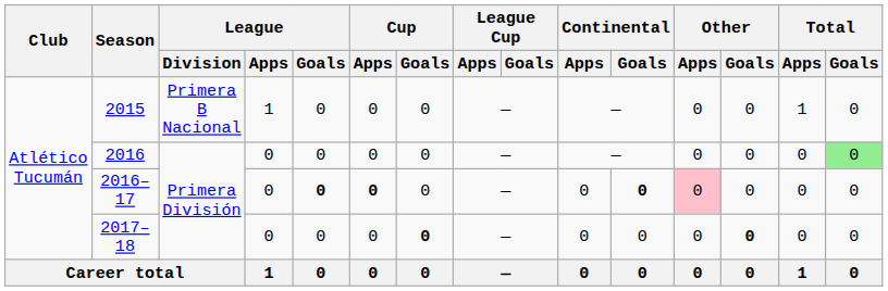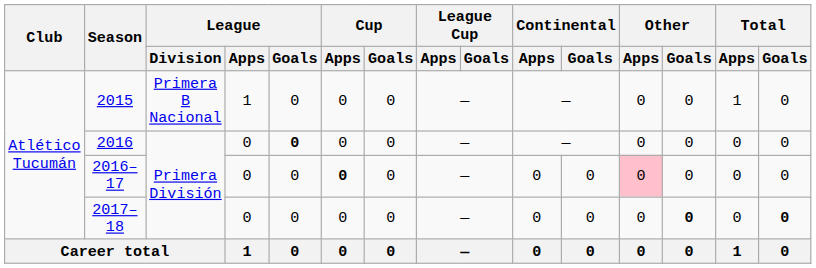 <table class="wikitable" style="text-align:center">
 <tr>
 <th rowspan="2">Club</th>
 <th rowspan="2">Season</th>
 <th colspan="3">League</th>
 <th colspan="2">Cup</th>
 <th colspan="2">League Cup</th>
 <th colspan="2">Continental</th>
 <th colspan="2">Other</th>
 <th colspan="2">Total</th>
 </tr>
 <tr>
 <th>Division</th>
 <th>Apps</th>
 <th>Goals</th>
 <th>Apps</th>
 <th>Goals</th>
 <th>Apps</th>
 <th>Goals</th>
 <th>Apps</th>
 <th>Goals</th>
 <th>Apps</th>
 <th>Goals</th>
 <th>Apps</th>
 <th>Goals</th>
 </tr>
 <tr>
 <td rowspan="4"><a href='#'>Atlético Tucumán</a></td>
 <td><a href='#'>2015</a></td>
 <td rowspan="1"><a href='#'>Primera B Nacional</a></td>
 <td>1</td>
 <td>0</td>
 <td>0</td>
 <td>0</td>
 <td colspan="2">—</td>
 <td colspan="2">—</td>
 <td>0</td>
 <td>0</td>
 <td>1</td>
 <td>0</td>
 </tr>
 <tr>
 <td><a href='#'>2016</a></td>
 <td rowspan="3"><a href='#'>Primera División</a></td>
 <td>0</td>
-<td>0</td>
+<td><strong>0</strong></td>
 <td>0</td>
 <td>0</td>
 <td colspan="2">—</td>
 <td colspan="2">—</td>
 <td>0</td>
 <td>0</td>
 <td>0</td>
-<td style="background: lightgreen;">0</td>
+<td>0</td>
 </tr>
 <tr>
 <td><a href='#'>2016–17</a></td>
 <td>0</td>
-<td><strong>0</strong></td>
+<td>0</td>
 <td><strong>0</strong></td>
 <td>0</td>
 <td colspan="2">—</td>
 <td>0</td>
-<td><strong>0</strong></td>
+<td>0</td>
 <td style="background: pink;">0</td>
 <td>0</td>
 <td>0</td>
 <td>0</td>
 </tr>
 <tr>
 <td><a href='#'>2017–18</a></td>
 <td>0</td>
 <td>0</td>
 <td>0</td>
-<td><strong>0</strong></td>
+<td>0</td>
 <td colspan="2">—</td>
 <td>0</td>
 <td>0</td>
 <td>0</td>
 <td><strong>0</strong></td>
 <td>0</td>
-<td>0</td>
+<td><strong>0</strong></td>
 </tr>
 <tr>
 <th colspan="3">Career total</th>
 <th>1</th>
 <th>0</th>
 <th>0</th>
 <th>0</th>
 <th colspan="2">—</th>
 <th>0</th>
 <th>0</th>
 <th>0</th>
 <th>0</th>
 <th>1</th>
 <th>0</th>
 </tr>
 </table>
